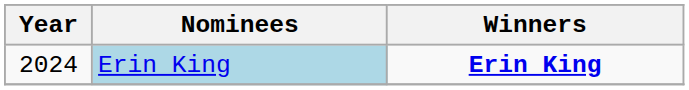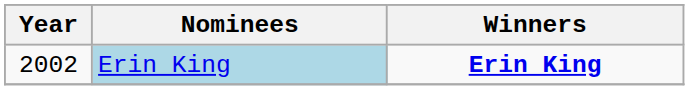 <table class="wikitable">
 <tr>
 <th width=40 align=center>Year</th>
 <th width=150>Nominees</th>
 <th width=150>Winners</th>
 </tr>
 <tr>
-<td align=center>2024</td>
+<td align=center>2002</td>
 <td style="background: lightblue;"><a href='#'>Erin King</a></td>
 <td align=center><strong><a href='#'>Erin King</a></strong></td>
 </tr>
 <tr>
 </tr>
 </table>
